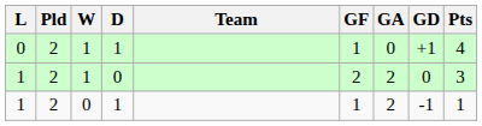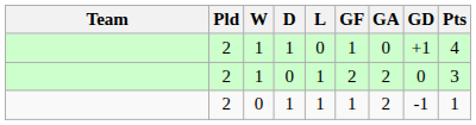 <table class="wikitable" style="text-align:center;">
 <tr>
-<th width=20 abbr="Lost">L</th>
+<th width=175>Team</th>
 <th width=20 abbr="Played">Pld</th>
 <th width=20 abbr="Won">W</th>
 <th width=20 abbr="Drawn">D</th>
-<th width=175>Team</th>
+<th width=20 abbr="Lost">L</th>
 <th width=20 abbr="Goals for">GF</th>
 <th width=20 abbr="Goals against">GA</th>
 <th width=20 abbr="Goal difference">GD</th>
 <th width=20 abbr="Points">Pts</th>
 </tr>
 <tr ---- align="center" bgcolor="ccffcc">
-<td>0</td>
+<td align="left"></td>
 <td>2</td>
 <td>1</td>
 <td>1</td>
-<td align="left"></td>
+<td>0</td>
 <td>1</td>
 <td>0</td>
 <td>+1</td>
 <td>4</td>
 </tr>
 <tr ---- align="center" bgcolor="ccffcc">
-<td>1</td>
+<td align="left"></td>
 <td>2</td>
 <td>1</td>
 <td>0</td>
-<td align="left"></td>
+<td>1</td>
 <td>2</td>
 <td>2</td>
 <td>0</td>
 <td>3</td>
 </tr>
 <tr ---- align="center">
-<td>1</td>
+<td align="left"></td>
 <td>2</td>
 <td>0</td>
 <td>1</td>
-<td align="left"></td>
+<td>1</td>
 <td>1</td>
 <td>2</td>
 <td>-1</td>
 <td>1</td>
 </tr>
 </table>
